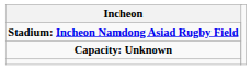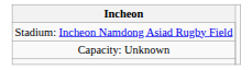 <table class="wikitable" style="text-align:center;margin:1em auto;">
 <tr>
 <th colspan="2">Incheon</th>
 <td rowspan=4></td>
 </tr>
 <tr>
-<td><strong>Stadium: <a href='#'>Incheon Namdong Asiad Rugby Field</a></strong></td>
+<td>Stadium: <a href='#'>Incheon Namdong Asiad Rugby Field</a></td>
 </tr>
 <tr>
-<td><strong>Capacity: Unknown</strong></td>
+<td>Capacity: Unknown</td>
 </tr>
 <tr>
 <td></td>
 </tr>
 </table>
